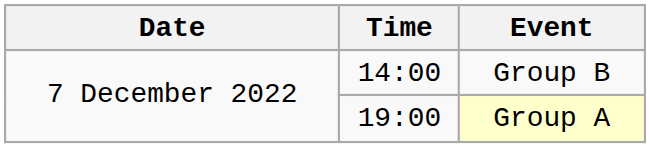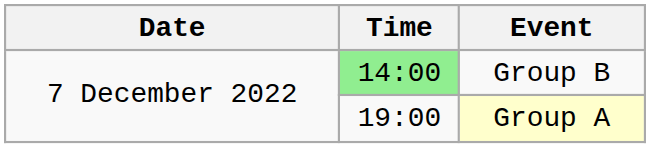 <table class = "wikitable" style="text-align:center;">
 <tr>
 <th width=150>Date</th>
 <th width=50>Time</th>
 <th width=80>Event</th>
 </tr>
 <tr>
 <td rowspan=2>7 December 2022</td>
-<td>14:00</td>
+<td style="background: lightgreen;">14:00</td>
 <td>Group B</td>
 </tr>
 <tr>
 <td>19:00</td>
 <td bgcolor=ffffcc>Group A</td>
 </tr>
 </table>
